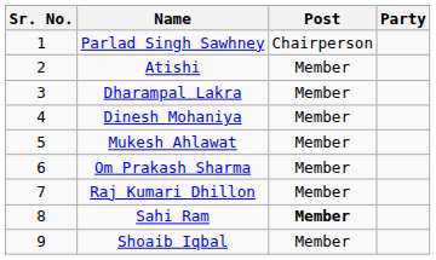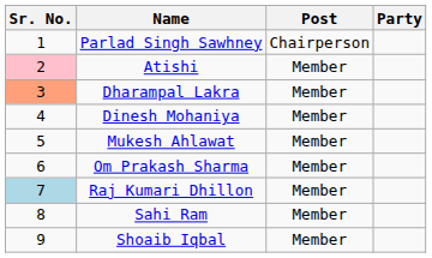 <table class="wikitable sortable">
 <tr>
 <th>Sr. No.</th>
 <th>Name</th>
 <th>Post</th>
 <th colspan="2">Party</th>
 </tr>
 <tr align="center">
 <td>1</td>
 <td><a href='#'>Parlad Singh Sawhney</a></td>
 <td>Chairperson</td>
 <td></td>
 </tr>
 <tr align="center">
-<td>2</td>
+<td style="background: pink;">2</td>
 <td><a href='#'>Atishi</a></td>
 <td>Member</td>
 <td></td>
 </tr>
 <tr align="center">
-<td>3</td>
+<td style="background: lightsalmon;">3</td>
 <td><a href='#'>Dharampal Lakra</a></td>
 <td>Member</td>
 <td></td>
 </tr>
 <tr align="center">
 <td>4</td>
 <td><a href='#'>Dinesh Mohaniya</a></td>
 <td>Member</td>
 <td></td>
 </tr>
 <tr align="center">
 <td>5</td>
 <td><a href='#'>Mukesh Ahlawat</a></td>
 <td>Member</td>
 <td></td>
 </tr>
 <tr align="center">
 <td>6</td>
 <td><a href='#'>Om Prakash Sharma</a></td>
 <td>Member</td>
 <td></td>
 </tr>
 <tr align="center">
-<td>7</td>
+<td style="background: lightblue;">7</td>
 <td><a href='#'>Raj Kumari Dhillon</a></td>
 <td>Member</td>
 <td></td>
 </tr>
 <tr align="center">
 <td>8</td>
 <td><a href='#'>Sahi Ram</a></td>
-<td><strong>Member</strong></td>
+<td>Member</td>
 <td></td>
 </tr>
 <tr align="center">
 <td>9</td>
 <td><a href='#'>Shoaib Iqbal</a></td>
 <td>Member</td>
 <td></td>
 </tr>
 </table>
